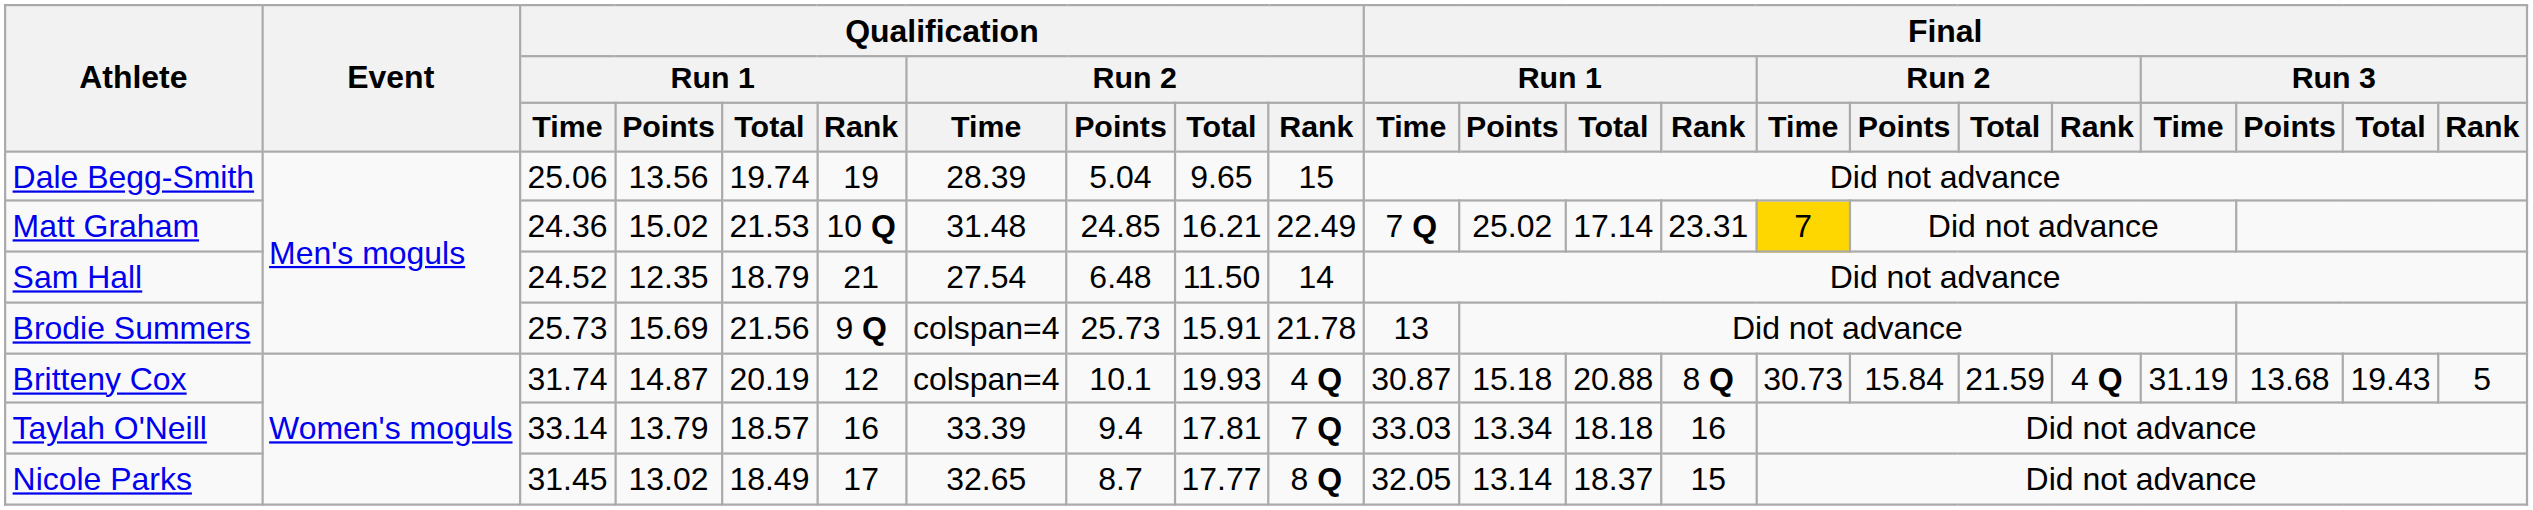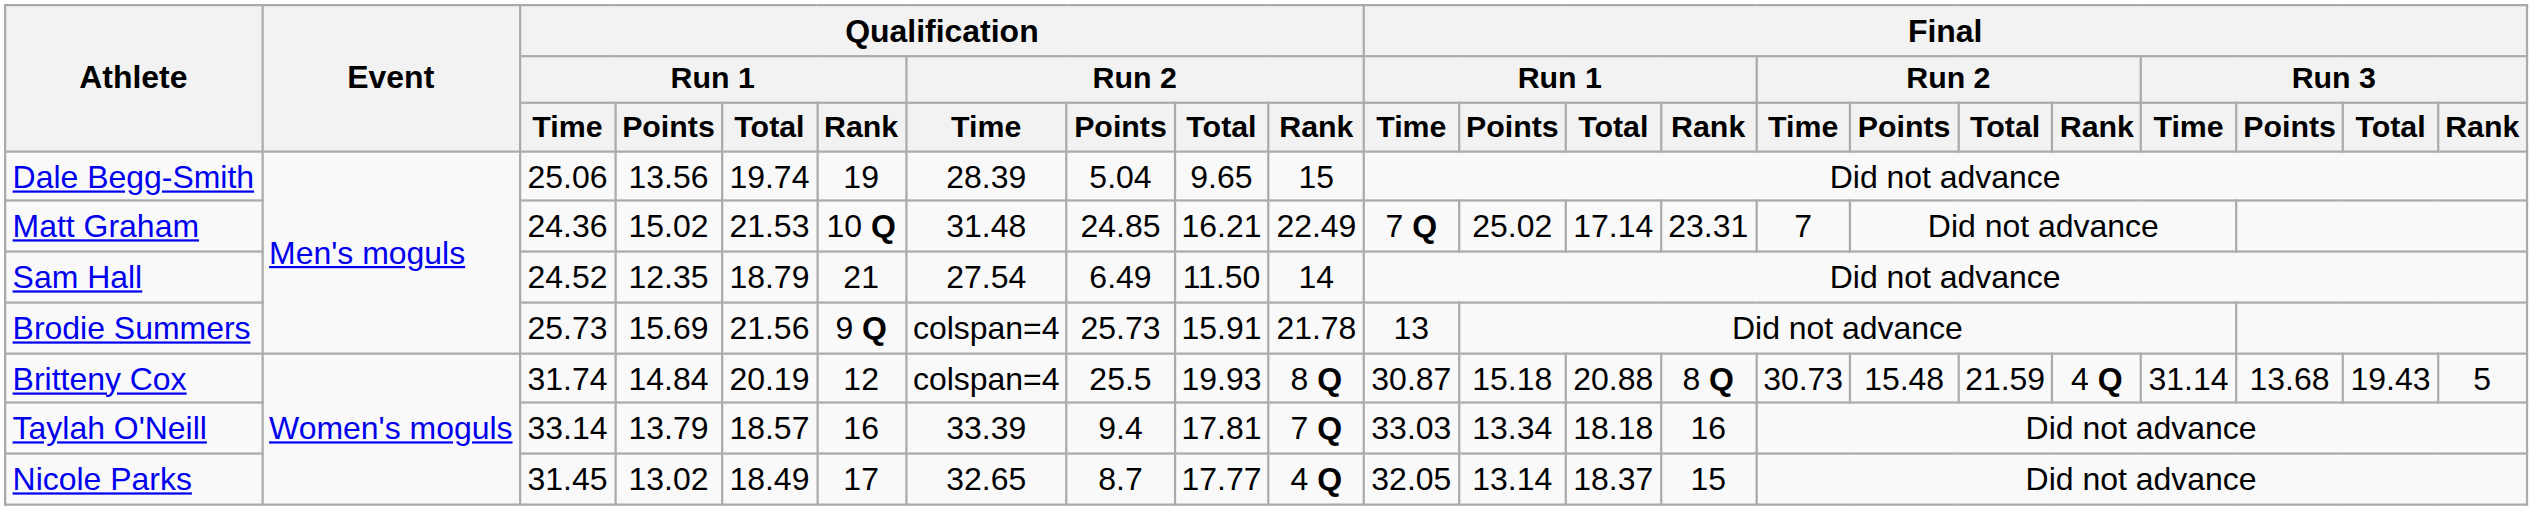 <table class="wikitable" style="font-size:90%">
 <tr>
 <th rowspan=3>Athlete</th>
 <th rowspan=3>Event</th>
 <th colspan=8>Qualification</th>
 <th colspan=12>Final</th>
 </tr>
 <tr style="font-size:95%">
 <th colspan=4>Run 1</th>
 <th colspan=4>Run 2</th>
 <th colspan=4>Run 1</th>
 <th colspan=4>Run 2</th>
 <th colspan=4>Run 3</th>
 </tr>
 <tr style="font-size:95%">
 <th>Time</th>
 <th>Points</th>
 <th>Total</th>
 <th>Rank</th>
 <th>Time</th>
 <th>Points</th>
 <th>Total</th>
 <th>Rank</th>
 <th>Time</th>
 <th>Points</th>
 <th>Total</th>
 <th>Rank</th>
 <th>Time</th>
 <th>Points</th>
 <th>Total</th>
 <th>Rank</th>
 <th>Time</th>
 <th>Points</th>
 <th>Total</th>
 <th>Rank</th>
 </tr>
 <tr align=center>
 <td align=left><a href='#'>Dale Begg-Smith</a></td>
 <td align=left rowspan=4><a href='#'>Men's moguls</a></td>
 <td>25.06</td>
 <td>13.56</td>
 <td>19.74</td>
 <td>19</td>
 <td>28.39</td>
 <td>5.04</td>
 <td>9.65</td>
 <td>15</td>
 <td colspan=12>Did not advance</td>
 </tr>
 <tr align=center>
 <td align=left><a href='#'>Matt Graham</a></td>
 <td>24.36</td>
 <td>15.02</td>
 <td>21.53</td>
 <td>10 <strong>Q</strong></td>
 <td>31.48</td>
 <td>24.85</td>
 <td>16.21</td>
 <td>22.49</td>
 <td>7 <strong>Q</strong></td>
 <td>25.02</td>
 <td>17.14</td>
 <td>23.31</td>
-<td style="background: gold;">7</td>
+<td>7</td>
 <td colspan=4>Did not advance</td>
 </tr>
 <tr align=center>
 <td align=left><a href='#'>Sam Hall</a></td>
 <td>24.52</td>
 <td>12.35</td>
 <td>18.79</td>
 <td>21</td>
 <td>27.54</td>
-<td>6.48</td>
+<td>6.49</td>
 <td>11.50</td>
 <td>14</td>
 <td colspan=12>Did not advance</td>
 </tr>
 <tr align=center>
 <td align=left><a href='#'>Brodie Summers</a></td>
 <td>25.73</td>
 <td>15.69</td>
 <td>21.56</td>
 <td>9 <strong>Q</strong></td>
 <td>colspan=4 </td>
 <td>25.73</td>
 <td>15.91</td>
 <td>21.78</td>
 <td>13</td>
 <td colspan=8>Did not advance</td>
 </tr>
 <tr align=center>
 <td align=left><a href='#'>Britteny Cox</a></td>
 <td align=left rowspan=3><a href='#'>Women's moguls</a></td>
 <td>31.74</td>
-<td>14.87</td>
+<td>14.84</td>
 <td>20.19</td>
 <td>12</td>
 <td>colspan=4 </td>
-<td>10.1</td>
+<td>25.5</td>
 <td>19.93</td>
-<td>4 <strong>Q</strong></td>
+<td>8 <strong>Q</strong></td>
 <td>30.87</td>
 <td>15.18</td>
 <td>20.88</td>
 <td>8 <strong>Q</strong></td>
 <td>30.73</td>
-<td>15.84</td>
+<td>15.48</td>
 <td>21.59</td>
 <td>4 <strong>Q</strong></td>
-<td>31.19</td>
+<td>31.14</td>
 <td>13.68</td>
 <td>19.43</td>
 <td>5</td>
 </tr>
 <tr align=center>
 <td align=left><a href='#'>Taylah O'Neill</a></td>
 <td>33.14</td>
 <td>13.79</td>
 <td>18.57</td>
 <td>16</td>
 <td>33.39</td>
 <td>9.4</td>
 <td>17.81</td>
 <td>7 <strong>Q</strong></td>
 <td>33.03</td>
 <td>13.34</td>
 <td>18.18</td>
 <td>16</td>
 <td colspan=8>Did not advance</td>
 </tr>
 <tr align=center>
 <td align=left><a href='#'>Nicole Parks</a></td>
 <td>31.45</td>
 <td>13.02</td>
 <td>18.49</td>
 <td>17</td>
 <td>32.65</td>
 <td>8.7</td>
 <td>17.77</td>
-<td>8 <strong>Q</strong></td>
+<td>4 <strong>Q</strong></td>
 <td>32.05</td>
 <td>13.14</td>
 <td>18.37</td>
 <td>15</td>
 <td colspan=8>Did not advance</td>
 </tr>
 </table>
